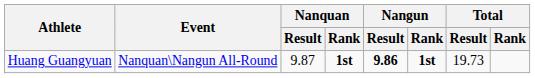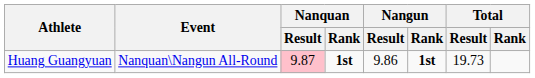 <table class=wikitable style="font-size:90%">
 <tr>
 <th rowspan="2">Athlete</th>
 <th rowspan="2">Event</th>
 <th colspan="2">Nanquan</th>
 <th colspan="2">Nangun</th>
 <th colspan="2">Total</th>
 </tr>
 <tr>
 <th>Result</th>
 <th>Rank</th>
 <th>Result</th>
 <th>Rank</th>
 <th>Result</th>
 <th>Rank</th>
 </tr>
 <tr>
 <td><a href='#'>Huang Guangyuan</a></td>
 <td><a href='#'>Nanquan\Nangun All-Round</a></td>
-<td align=center>9.87</td>
+<td align=center style="background: pink;">9.87</td>
 <td align=center><strong>1st</strong></td>
-<td align=center><strong>9.86</strong></td>
+<td align=center>9.86</td>
 <td align=center><strong>1st</strong></td>
 <td align=center>19.73</td>
 <td align=center></td>
 </tr>
 </table>
